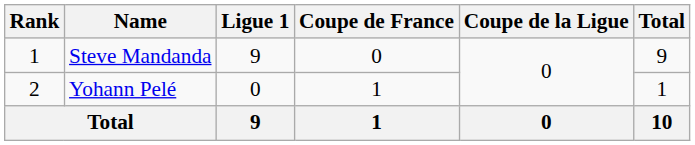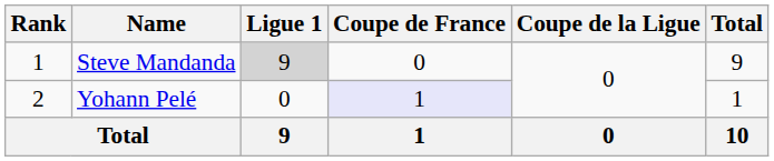 <table class="wikitable" style="text-align: center;">
 <tr>
 <th>Rank</th>
 <th>Name</th>
 <th>Ligue 1</th>
 <th>Coupe de France</th>
 <th>Coupe de la Ligue</th>
 <th>Total</th>
 </tr>
 <tr>
 <td>1</td>
 <td align=left> <a href='#'>Steve Mandanda</a></td>
-<td>9</td>
+<td style="background: lightgrey;">9</td>
 <td>0</td>
 <td rowspan=2>0</td>
 <td>9</td>
 </tr>
 <tr>
 <td>2</td>
 <td align=left> <a href='#'>Yohann Pelé</a></td>
 <td>0</td>
-<td>1</td>
+<td style="background: lavender;">1</td>
 <td>1</td>
 </tr>
 <tr>
 <th colspan=2>Total</th>
 <th>9</th>
 <th>1</th>
 <th>0</th>
 <th>10</th>
 </tr>
 </table>
